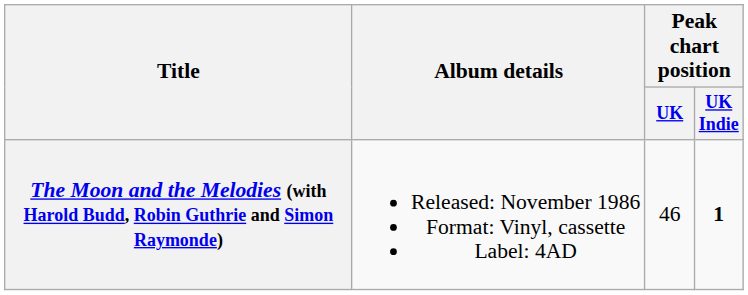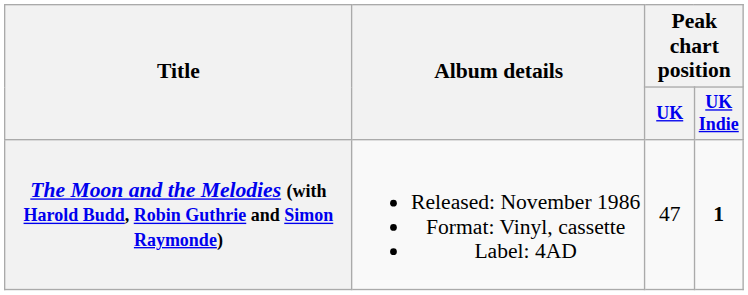 <table class="wikitable plainrowheaders" style="text-align:center;">
 <tr>
 <th rowspan="2" width="250">Title</th>
 <th rowspan="2">Album details</th>
 <th colspan="2">Peak chart position</th>
 </tr>
 <tr style="font-size:smaller;">
 <th width="30"><a href='#'>UK</a><br></th>
 <th width="30"><a href='#'>UK Indie</a></th>
 </tr>
 <tr>
 <th scope="row"><em><a href='#'>The Moon and the Melodies</a></em> <small>(with <a href='#'>Harold Budd</a>, <a href='#'>Robin Guthrie</a> and <a href='#'>Simon Raymonde</a>)</small></th>
 <td><br><ul><li>Released: November 1986</li><li>Format: Vinyl, cassette</li><li>Label: 4AD</li></ul></td>
-<td>46</td>
+<td>47</td>
 <td><strong>1</strong></td>
 </tr>
 </table>
